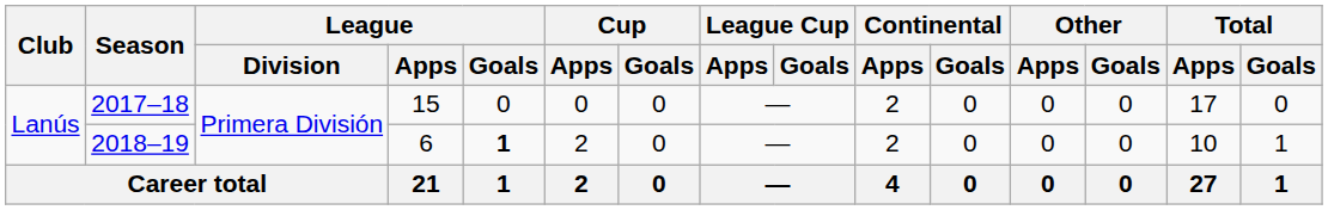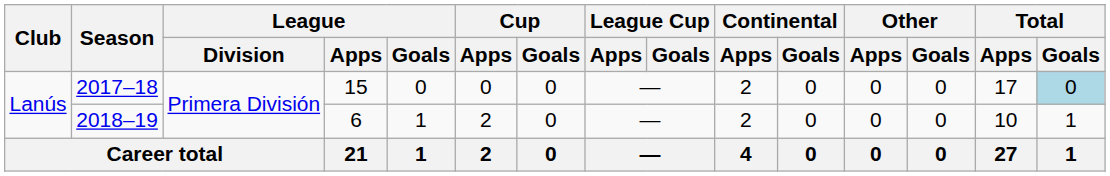 <table class="wikitable" style="text-align:center">
 <tr>
 <th rowspan="2">Club</th>
 <th rowspan="2">Season</th>
 <th colspan="3">League</th>
 <th colspan="2">Cup</th>
 <th colspan="2">League Cup</th>
 <th colspan="2">Continental</th>
 <th colspan="2">Other</th>
 <th colspan="2">Total</th>
 </tr>
 <tr>
 <th>Division</th>
 <th>Apps</th>
 <th>Goals</th>
 <th>Apps</th>
 <th>Goals</th>
 <th>Apps</th>
 <th>Goals</th>
 <th>Apps</th>
 <th>Goals</th>
 <th>Apps</th>
 <th>Goals</th>
 <th>Apps</th>
 <th>Goals</th>
 </tr>
 <tr>
 <td rowspan="2"><a href='#'>Lanús</a></td>
 <td><a href='#'>2017–18</a></td>
 <td rowspan="2"><a href='#'>Primera División</a></td>
 <td>15</td>
 <td>0</td>
 <td>0</td>
 <td>0</td>
 <td colspan="2">—</td>
 <td>2</td>
 <td>0</td>
 <td>0</td>
 <td>0</td>
 <td>17</td>
-<td>0</td>
+<td style="background: lightblue;">0</td>
 </tr>
 <tr>
 <td><a href='#'>2018–19</a></td>
 <td>6</td>
-<td><strong>1</strong></td>
+<td>1</td>
 <td>2</td>
 <td>0</td>
 <td colspan="2">—</td>
 <td>2</td>
 <td>0</td>
 <td>0</td>
 <td>0</td>
 <td>10</td>
 <td>1</td>
 </tr>
 <tr>
 <th colspan="3">Career total</th>
 <th>21</th>
 <th>1</th>
 <th>2</th>
 <th>0</th>
 <th colspan="2">—</th>
 <th>4</th>
 <th>0</th>
 <th>0</th>
 <th>0</th>
 <th>27</th>
 <th>1</th>
 </tr>
 </table>
